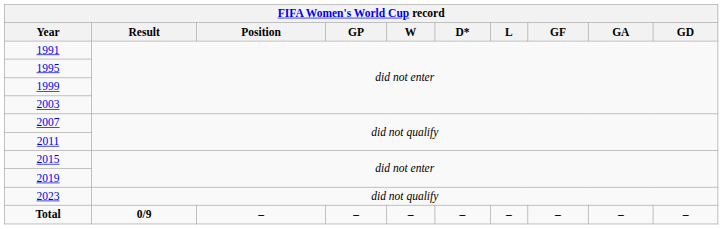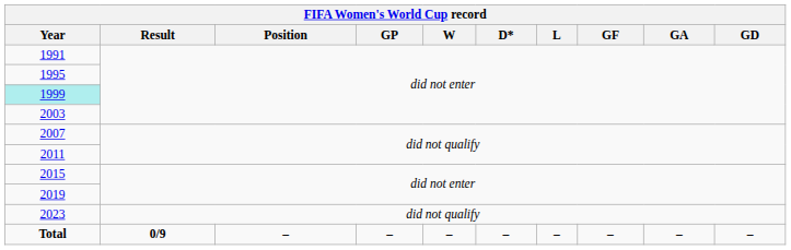 <table class="wikitable" style="text-align: center; width:50%;">
 <tr>
 <th colspan=10><a href='#'>FIFA Women's World Cup</a> record</th>
 </tr>
 <tr>
 <th>Year</th>
 <th>Result</th>
 <th>Position</th>
 <th>GP</th>
 <th>W</th>
 <th>D*</th>
 <th>L</th>
 <th>GF</th>
 <th>GA</th>
 <th>GD</th>
 </tr>
 <tr>
 <td> <a href='#'>1991</a></td>
 <td colspan=9 rowspan=4><em>did not enter</em></td>
 </tr>
 <tr>
 <td> <a href='#'>1995</a></td>
 </tr>
 <tr>
-<td> <a href='#'>1999</a></td>
+<td style="background: paleturquoise;"> <a href='#'>1999</a></td>
 </tr>
 <tr>
 <td> <a href='#'>2003</a></td>
 </tr>
 <tr>
 <td> <a href='#'>2007</a></td>
 <td colspan=9 rowspan=2><em>did not qualify</em></td>
 </tr>
 <tr>
 <td> <a href='#'>2011</a></td>
 </tr>
 <tr>
 <td> <a href='#'>2015</a></td>
 <td colspan=9 rowspan=2><em>did not enter</em></td>
 </tr>
 <tr>
 <td> <a href='#'>2019</a></td>
 </tr>
 <tr>
 <td> <a href='#'>2023</a></td>
 <td colspan=9><em>did not qualify</em></td>
 </tr>
 <tr>
 <td><strong>Total</strong></td>
 <td><strong>0/9</strong></td>
 <td><strong>–</strong></td>
 <td><strong>–</strong></td>
 <td><strong>–</strong></td>
 <td><strong>–</strong></td>
 <td><strong>–</strong></td>
 <td><strong>–</strong></td>
 <td><strong>–</strong></td>
 <td><strong>–</strong></td>
 </tr>
 </table>
